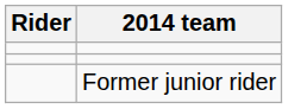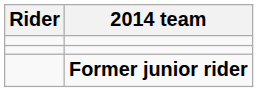 <table class="wikitable">
 <tr>
 <th>Rider</th>
 <th>2014 team</th>
 </tr>
 <tr>
 <td></td>
 <td></td>
 </tr>
 <tr>
 <td></td>
 <td></td>
 </tr>
 <tr>
 <td></td>
-<td>Former junior rider</td>
+<td><strong>Former junior rider</strong></td>
 </tr>
 </table>
